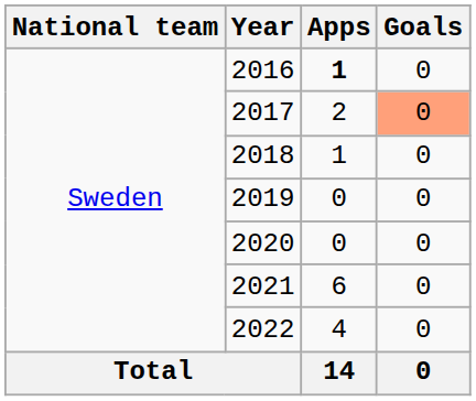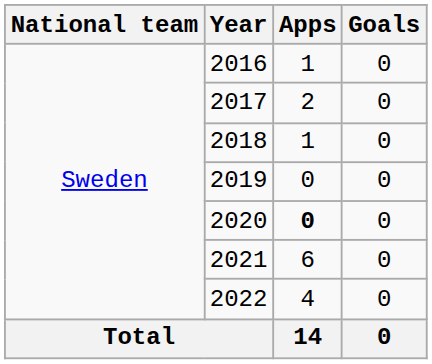 <table class="wikitable" style="text-align:center">
 <tr>
 <th>National team</th>
 <th>Year</th>
 <th>Apps</th>
 <th>Goals</th>
 </tr>
 <tr>
 <td rowspan="7"><a href='#'>Sweden</a></td>
 <td>2016</td>
-<td><strong>1</strong></td>
+<td>1</td>
 <td>0</td>
 </tr>
 <tr>
 <td>2017</td>
 <td>2</td>
-<td style="background: lightsalmon;">0</td>
+<td>0</td>
 </tr>
 <tr>
 <td>2018</td>
 <td>1</td>
 <td>0</td>
 </tr>
 <tr>
 <td>2019</td>
 <td>0</td>
 <td>0</td>
 </tr>
 <tr>
 <td>2020</td>
-<td>0</td>
+<td><strong>0</strong></td>
 <td>0</td>
 </tr>
 <tr>
 <td>2021</td>
 <td>6</td>
 <td>0</td>
 </tr>
 <tr>
 <td>2022</td>
 <td>4</td>
 <td>0</td>
 </tr>
 <tr>
 <th colspan="2">Total</th>
 <th>14</th>
 <th>0</th>
 </tr>
 </table>
